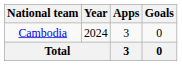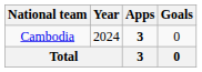 <table class="wikitable" style="text-align:center">
 <tr>
 <th>National team</th>
 <th>Year</th>
 <th>Apps</th>
 <th>Goals</th>
 </tr>
 <tr>
 <td rowspan="1"><a href='#'>Cambodia</a></td>
 <td>2024</td>
-<td>3</td>
+<td><strong>3</strong></td>
 <td>0</td>
 </tr>
 <tr>
 <th colspan=2>Total</th>
 <th>3</th>
 <th>0</th>
 </tr>
 </table>
